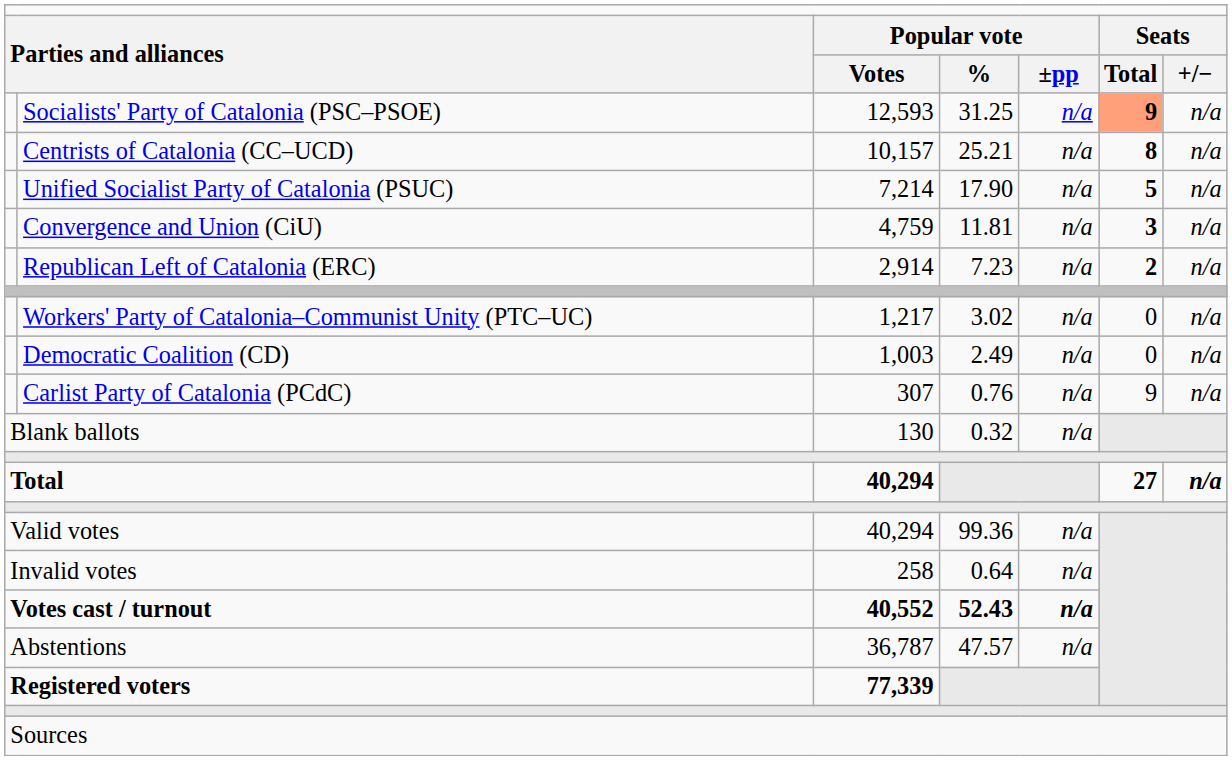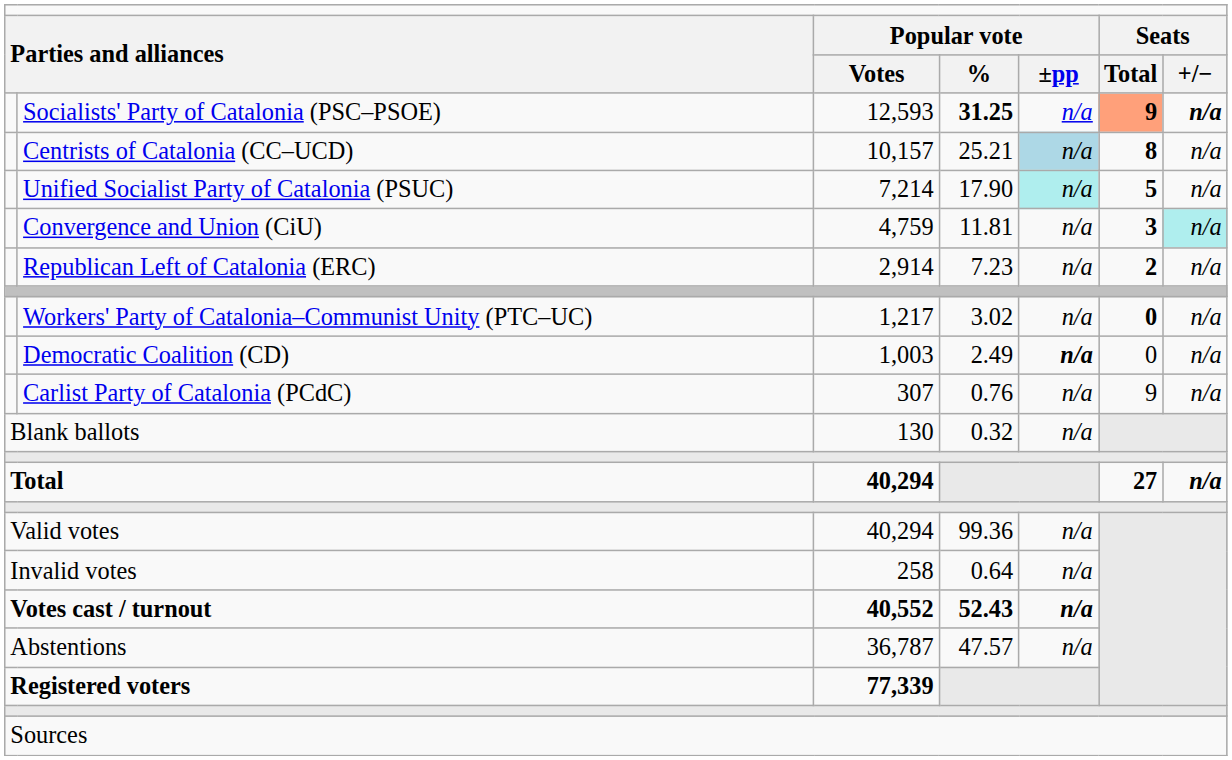 <table class="wikitable" style="text-align:right;">
 <tr>
 <td colspan="7"></td>
 </tr>
 <tr>
 <th style="text-align:left;" rowspan="2" colspan="2" width="525">Parties and alliances</th>
 <th colspan="3">Popular vote</th>
 <th colspan="2">Seats</th>
 </tr>
 <tr>
 <th width="75">Votes</th>
 <th width="45">%</th>
 <th width="45">±<a href='#'>pp</a></th>
 <th width="35">Total</th>
 <th width="35">+/−</th>
 </tr>
 <tr>
 <td width="1" style="color:inherit;background:"></td>
 <td align="left"><a href='#'>Socialists' Party of Catalonia</a> (PSC–PSOE)</td>
 <td>12,593</td>
-<td>31.25</td>
+<td><strong>31.25</strong></td>
 <td><em><a href='#'>n/a</a></em></td>
 <td style="background: lightsalmon;"><strong>9</strong></td>
-<td><em>n/a</em></td>
+<td><strong><em>n/a</em></strong></td>
 </tr>
 <tr>
 <td style="color:inherit;background:"></td>
 <td align="left"><a href='#'>Centrists of Catalonia</a> (CC–UCD)</td>
 <td>10,157</td>
 <td>25.21</td>
-<td><em>n/a</em></td>
+<td style="background: lightblue;"><em>n/a</em></td>
 <td><strong>8</strong></td>
 <td><em>n/a</em></td>
 </tr>
 <tr>
 <td style="color:inherit;background:"></td>
 <td align="left"><a href='#'>Unified Socialist Party of Catalonia</a> (PSUC)</td>
 <td>7,214</td>
 <td>17.90</td>
-<td><em>n/a</em></td>
+<td style="background: paleturquoise;"><em>n/a</em></td>
 <td><strong>5</strong></td>
 <td><em>n/a</em></td>
 </tr>
 <tr>
 <td style="color:inherit;background:"></td>
 <td align="left"><a href='#'>Convergence and Union</a> (CiU)</td>
 <td>4,759</td>
 <td>11.81</td>
 <td><em>n/a</em></td>
 <td><strong>3</strong></td>
-<td><em>n/a</em></td>
+<td style="background: paleturquoise;"><em>n/a</em></td>
 </tr>
 <tr>
 <td style="color:inherit;background:"></td>
 <td align="left"><a href='#'>Republican Left of Catalonia</a> (ERC)</td>
 <td>2,914</td>
 <td>7.23</td>
 <td><em>n/a</em></td>
 <td><strong>2</strong></td>
 <td><em>n/a</em></td>
 </tr>
 <tr>
 <td colspan="7" style="color:inherit;background:#C0C0C0"></td>
 </tr>
 <tr>
 <td style="color:inherit;background:"></td>
 <td align="left"><a href='#'>Workers' Party of Catalonia–Communist Unity</a> (PTC–UC)</td>
 <td>1,217</td>
 <td>3.02</td>
 <td><em>n/a</em></td>
-<td>0</td>
+<td><strong>0</strong></td>
 <td><em>n/a</em></td>
 </tr>
 <tr>
 <td style="color:inherit;background:"></td>
 <td align="left"><a href='#'>Democratic Coalition</a> (CD)</td>
 <td>1,003</td>
 <td>2.49</td>
-<td><em>n/a</em></td>
+<td><strong><em>n/a</em></strong></td>
 <td>0</td>
 <td><em>n/a</em></td>
 </tr>
 <tr>
 <td style="color:inherit;background:"></td>
 <td align="left"><a href='#'>Carlist Party of Catalonia</a> (PCdC)</td>
 <td>307</td>
 <td>0.76</td>
 <td><em>n/a</em></td>
 <td>9</td>
 <td><em>n/a</em></td>
 </tr>
 <tr>
 <td align="left" colspan="2">Blank ballots</td>
 <td>130</td>
 <td>0.32</td>
 <td><em>n/a</em></td>
 <td style="color:inherit;background:#E9E9E9" colspan="2"></td>
 </tr>
 <tr>
 <td colspan="7" style="color:inherit;background:#E9E9E9"></td>
 </tr>
 <tr style="font-weight:bold;">
 <td align="left" colspan="2">Total</td>
 <td>40,294</td>
 <td bgcolor="#E9E9E9" colspan="2"></td>
 <td>27</td>
 <td><em>n/a</em></td>
 </tr>
 <tr>
 <td colspan="7" style="color:inherit;background:#E9E9E9"></td>
 </tr>
 <tr>
 <td align="left" colspan="2">Valid votes</td>
 <td>40,294</td>
 <td>99.36</td>
 <td><em>n/a</em></td>
 <td bgcolor="#E9E9E9" colspan="2" rowspan="5"></td>
 </tr>
 <tr>
 <td align="left" colspan="2">Invalid votes</td>
 <td>258</td>
 <td>0.64</td>
 <td><em>n/a</em></td>
 </tr>
 <tr style="font-weight:bold;">
 <td align="left" colspan="2">Votes cast / turnout</td>
 <td>40,552</td>
 <td>52.43</td>
 <td><em>n/a</em></td>
 </tr>
 <tr>
 <td align="left" colspan="2">Abstentions</td>
 <td>36,787</td>
 <td>47.57</td>
 <td><em>n/a</em></td>
 </tr>
 <tr style="font-weight:bold;">
 <td align="left" colspan="2">Registered voters</td>
 <td>77,339</td>
 <td bgcolor="#E9E9E9" colspan="2"></td>
 </tr>
 <tr>
 <td colspan="7" style="color:inherit;background:#E9E9E9"></td>
 </tr>
 <tr>
 <td align="left" colspan="7">Sources</td>
 </tr>
 </table>
